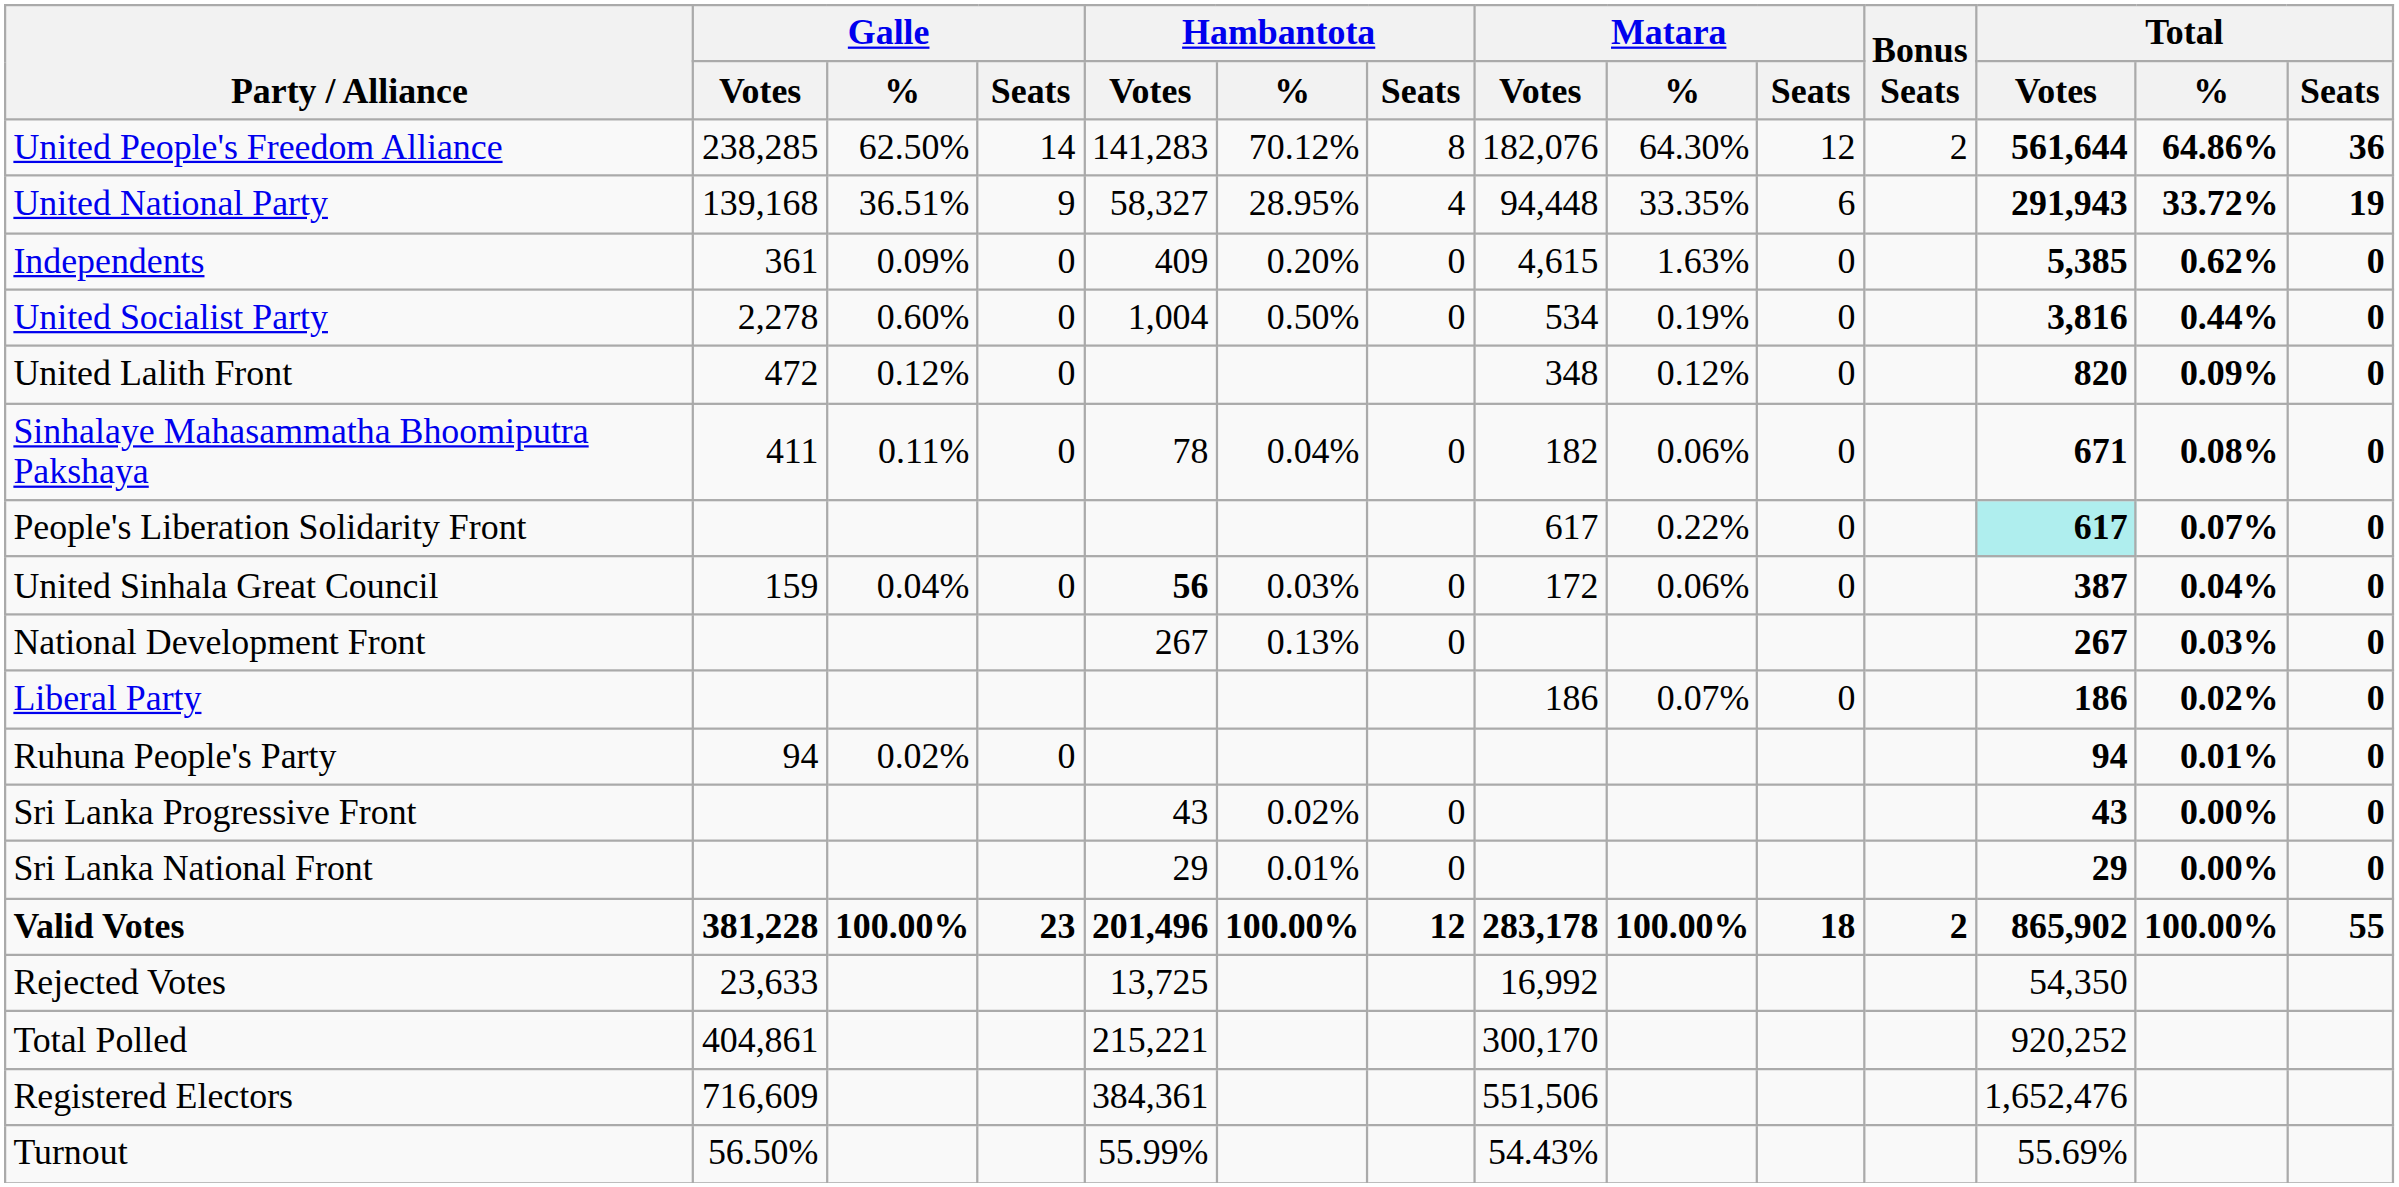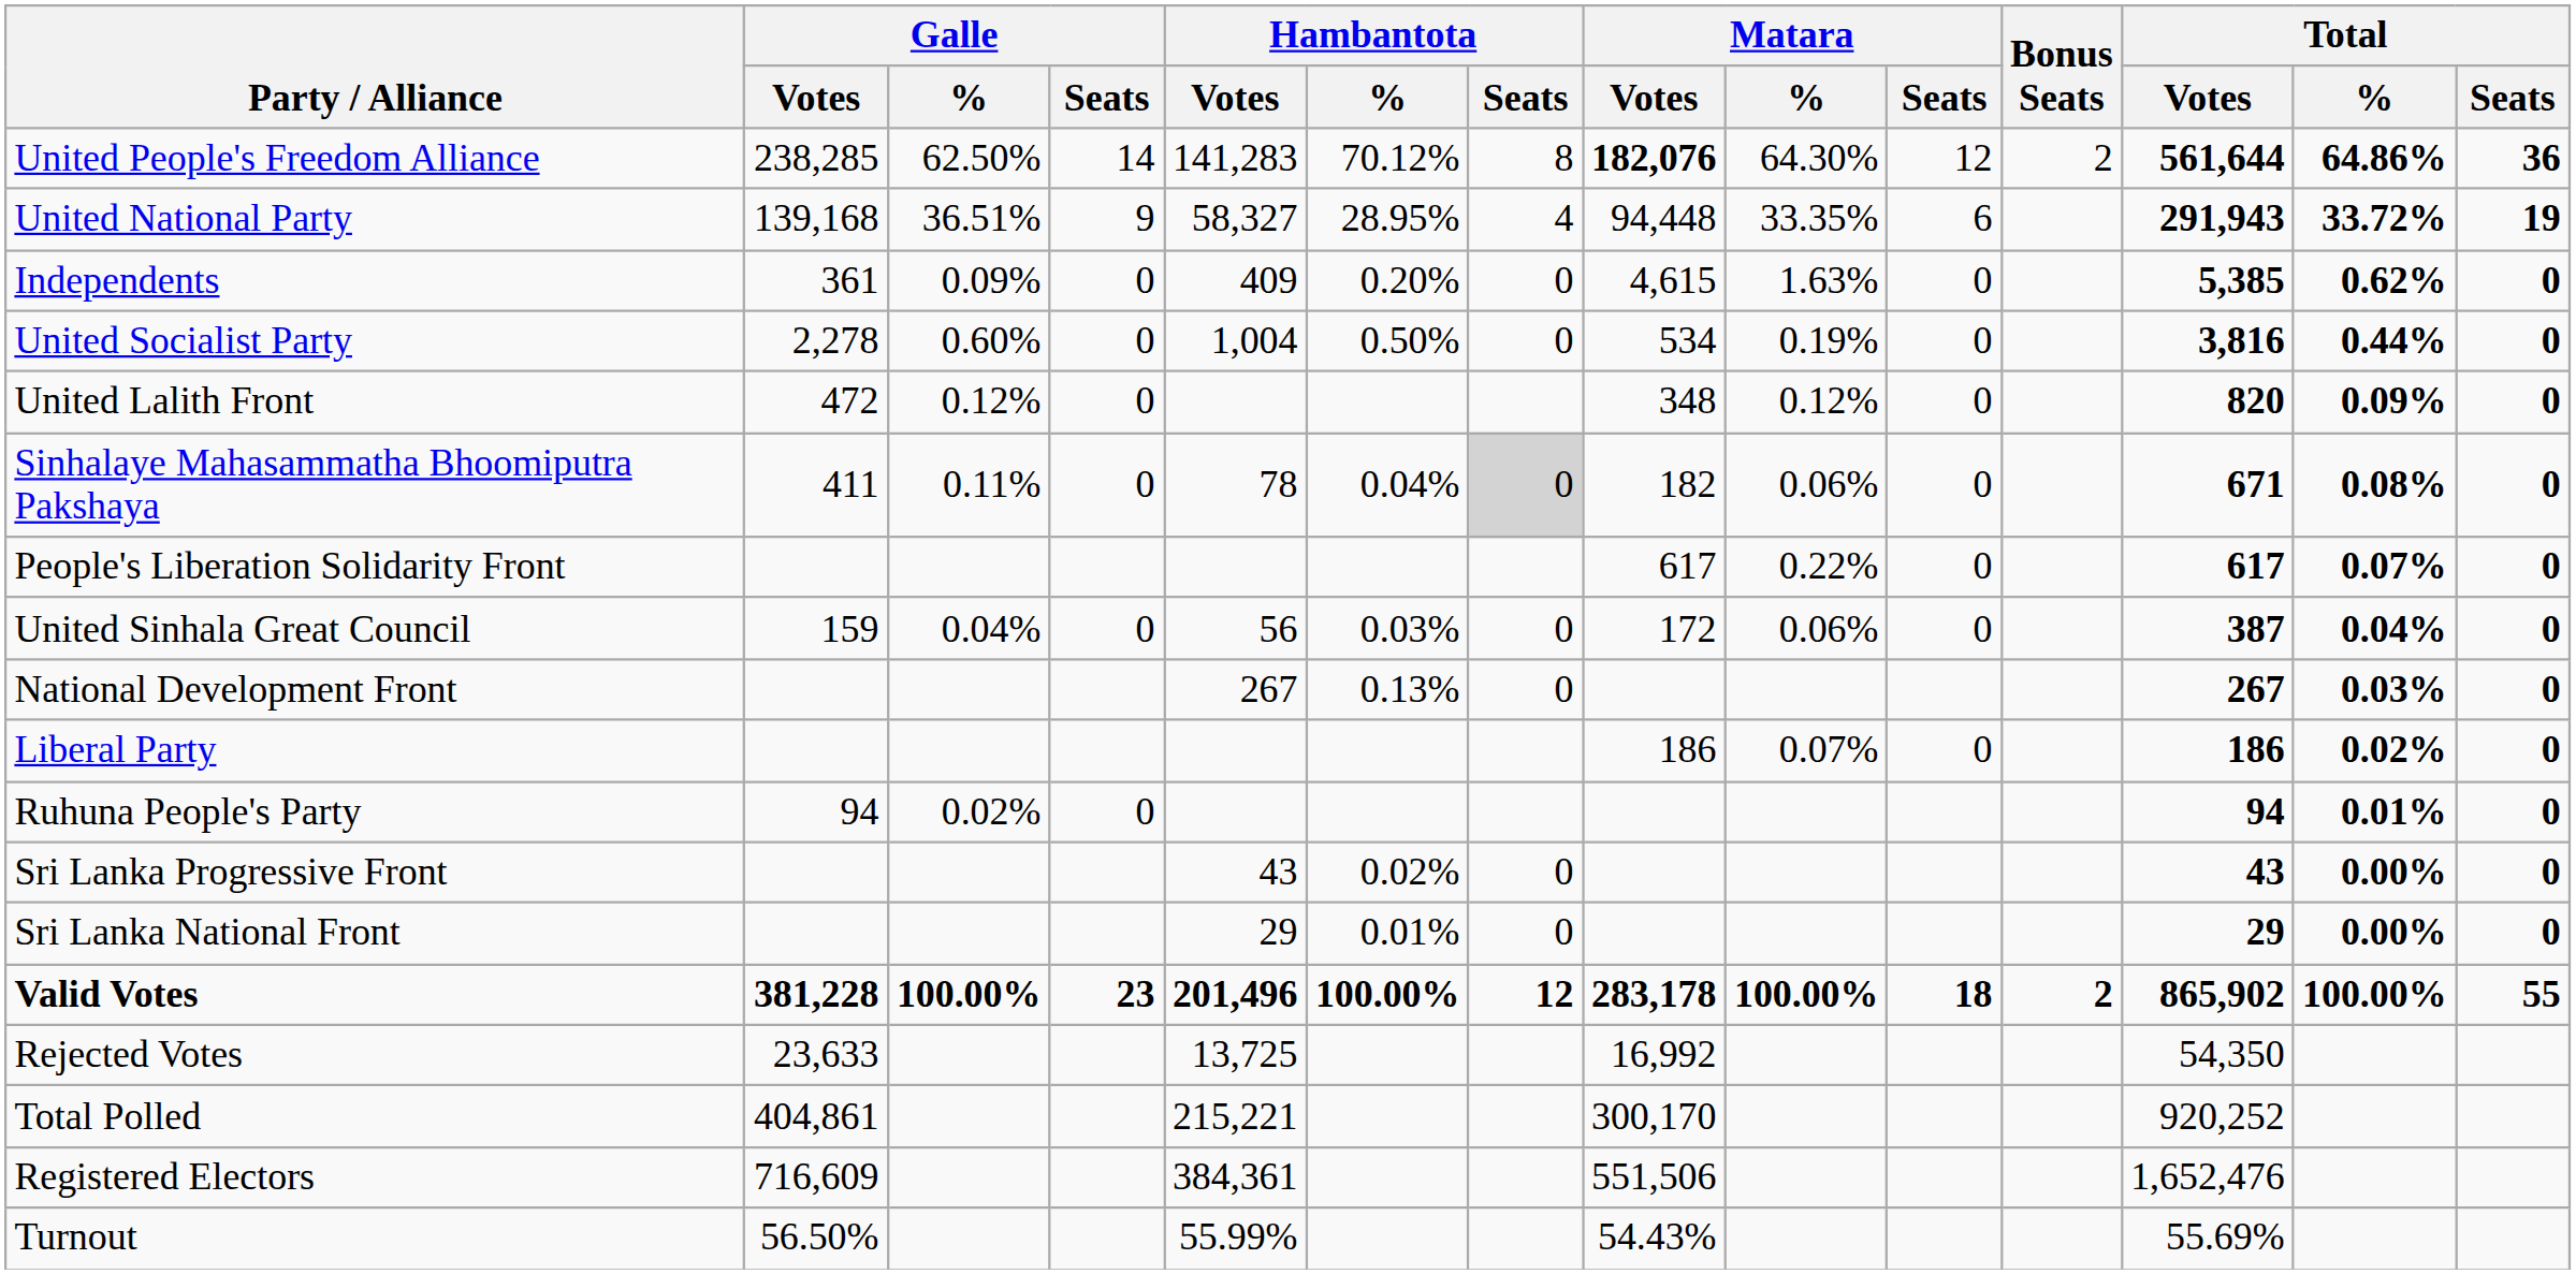 <table class="wikitable" border="1" style="text-align:right;">
 <tr>
 <th valign=bottom rowspan=2 width="300">Party / Alliance</th>
 <th colspan=3><a href='#'>Galle</a></th>
 <th colspan=3><a href='#'>Hambantota</a></th>
 <th colspan=3><a href='#'>Matara</a></th>
 <th valign=bottom rowspan=2 width="40">Bonus<br>Seats</th>
 <th colspan=3>Total</th>
 </tr>
 <tr>
 <th align=center valign=bottom width="50">Votes</th>
 <th align=center valign=bottom width="50">%</th>
 <th align=center valign=bottom width="40">Seats</th>
 <th align=center valign=bottom width="50">Votes</th>
 <th align=center valign=bottom width="50">%</th>
 <th align=center valign=bottom width="40">Seats</th>
 <th align=center valign=bottom width="50">Votes</th>
 <th align=center valign=bottom width="50">%</th>
 <th align=center valign=bottom width="40">Seats</th>
 <th align=center valign=bottom width="50">Votes</th>
 <th align=center valign=bottom width="50">%</th>
 <th align=center valign=bottom width="40">Seats</th>
 </tr>
 <tr>
 <td align=left><a href='#'>United People's Freedom Alliance</a></td>
 <td>238,285</td>
 <td>62.50%</td>
 <td>14</td>
 <td>141,283</td>
 <td>70.12%</td>
 <td>8</td>
-<td>182,076</td>
+<td><strong>182,076</strong></td>
 <td>64.30%</td>
 <td>12</td>
 <td>2</td>
 <td><strong>561,644</strong></td>
 <td><strong>64.86%</strong></td>
 <td><strong>36</strong></td>
 </tr>
 <tr>
 <td align=left><a href='#'>United National Party</a></td>
 <td>139,168</td>
 <td>36.51%</td>
 <td>9</td>
 <td>58,327</td>
 <td>28.95%</td>
 <td>4</td>
 <td>94,448</td>
 <td>33.35%</td>
 <td>6</td>
 <td></td>
 <td><strong>291,943</strong></td>
 <td><strong>33.72%</strong></td>
 <td><strong>19</strong></td>
 </tr>
 <tr>
 <td align=left><a href='#'>Independents</a></td>
 <td>361</td>
 <td>0.09%</td>
 <td>0</td>
 <td>409</td>
 <td>0.20%</td>
 <td>0</td>
 <td>4,615</td>
 <td>1.63%</td>
 <td>0</td>
 <td></td>
 <td><strong>5,385</strong></td>
 <td><strong>0.62%</strong></td>
 <td><strong>0</strong></td>
 </tr>
 <tr>
 <td align=left><a href='#'>United Socialist Party</a></td>
 <td>2,278</td>
 <td>0.60%</td>
 <td>0</td>
 <td>1,004</td>
 <td>0.50%</td>
 <td>0</td>
 <td>534</td>
 <td>0.19%</td>
 <td>0</td>
 <td></td>
 <td><strong>3,816</strong></td>
 <td><strong>0.44%</strong></td>
 <td><strong>0</strong></td>
 </tr>
 <tr>
 <td align=left>United Lalith Front</td>
 <td>472</td>
 <td>0.12%</td>
 <td>0</td>
 <td></td>
 <td></td>
 <td></td>
 <td>348</td>
 <td>0.12%</td>
 <td>0</td>
 <td></td>
 <td><strong>820</strong></td>
 <td><strong>0.09%</strong></td>
 <td><strong>0</strong></td>
 </tr>
 <tr>
 <td align=left><a href='#'>Sinhalaye Mahasammatha Bhoomiputra Pakshaya</a></td>
 <td>411</td>
 <td>0.11%</td>
 <td>0</td>
 <td>78</td>
 <td>0.04%</td>
-<td>0</td>
+<td style="background: lightgrey;">0</td>
 <td>182</td>
 <td>0.06%</td>
 <td>0</td>
 <td></td>
 <td><strong>671</strong></td>
 <td><strong>0.08%</strong></td>
 <td><strong>0</strong></td>
 </tr>
 <tr>
 <td align=left>People's Liberation Solidarity Front</td>
 <td></td>
 <td></td>
 <td></td>
 <td></td>
 <td></td>
 <td></td>
 <td>617</td>
 <td>0.22%</td>
 <td>0</td>
 <td></td>
-<td style="background: paleturquoise;"><strong>617</strong></td>
+<td><strong>617</strong></td>
 <td><strong>0.07%</strong></td>
 <td><strong>0</strong></td>
 </tr>
 <tr>
 <td align=left>United Sinhala Great Council</td>
 <td>159</td>
 <td>0.04%</td>
 <td>0</td>
-<td><strong>56</strong></td>
+<td>56</td>
 <td>0.03%</td>
 <td>0</td>
 <td>172</td>
 <td>0.06%</td>
 <td>0</td>
 <td></td>
 <td><strong>387</strong></td>
 <td><strong>0.04%</strong></td>
 <td><strong>0</strong></td>
 </tr>
 <tr>
 <td align=left>National Development Front</td>
 <td></td>
 <td></td>
 <td></td>
 <td>267</td>
 <td>0.13%</td>
 <td>0</td>
 <td></td>
 <td></td>
 <td></td>
 <td></td>
 <td><strong>267</strong></td>
 <td><strong>0.03%</strong></td>
 <td><strong>0</strong></td>
 </tr>
 <tr>
 <td align=left><a href='#'>Liberal Party</a></td>
 <td></td>
 <td></td>
 <td></td>
 <td></td>
 <td></td>
 <td></td>
 <td>186</td>
 <td>0.07%</td>
 <td>0</td>
 <td></td>
 <td><strong>186</strong></td>
 <td><strong>0.02%</strong></td>
 <td><strong>0</strong></td>
 </tr>
 <tr>
 <td align=left>Ruhuna People's Party</td>
 <td>94</td>
 <td>0.02%</td>
 <td>0</td>
 <td></td>
 <td></td>
 <td></td>
 <td></td>
 <td></td>
 <td></td>
 <td></td>
 <td><strong>94</strong></td>
 <td><strong>0.01%</strong></td>
 <td><strong>0</strong></td>
 </tr>
 <tr>
 <td align=left>Sri Lanka Progressive Front</td>
 <td></td>
 <td></td>
 <td></td>
 <td>43</td>
 <td>0.02%</td>
 <td>0</td>
 <td></td>
 <td></td>
 <td></td>
 <td></td>
 <td><strong>43</strong></td>
 <td><strong>0.00%</strong></td>
 <td><strong>0</strong></td>
 </tr>
 <tr>
 <td align=left>Sri Lanka National Front</td>
 <td></td>
 <td></td>
 <td></td>
 <td>29</td>
 <td>0.01%</td>
 <td>0</td>
 <td></td>
 <td></td>
 <td></td>
 <td></td>
 <td><strong>29</strong></td>
 <td><strong>0.00%</strong></td>
 <td><strong>0</strong></td>
 </tr>
 <tr>
 <td align=left><strong>Valid Votes</strong></td>
 <td><strong>381,228</strong></td>
 <td><strong>100.00%</strong></td>
 <td><strong>23</strong></td>
 <td><strong>201,496</strong></td>
 <td><strong>100.00%</strong></td>
 <td><strong>12</strong></td>
 <td><strong>283,178</strong></td>
 <td><strong>100.00%</strong></td>
 <td><strong>18</strong></td>
 <td><strong>2</strong></td>
 <td><strong>865,902</strong></td>
 <td><strong>100.00%</strong></td>
 <td><strong>55</strong></td>
 </tr>
 <tr>
 <td align=left>Rejected Votes</td>
 <td>23,633</td>
 <td></td>
 <td></td>
 <td>13,725</td>
 <td></td>
 <td></td>
 <td>16,992</td>
 <td></td>
 <td></td>
 <td></td>
 <td>54,350</td>
 <td></td>
 <td></td>
 </tr>
 <tr>
 <td align=left>Total Polled</td>
 <td>404,861</td>
 <td></td>
 <td></td>
 <td>215,221</td>
 <td></td>
 <td></td>
 <td>300,170</td>
 <td></td>
 <td></td>
 <td></td>
 <td>920,252</td>
 <td></td>
 <td></td>
 </tr>
 <tr>
 <td align=left>Registered Electors</td>
 <td>716,609</td>
 <td></td>
 <td></td>
 <td>384,361</td>
 <td></td>
 <td></td>
 <td>551,506</td>
 <td></td>
 <td></td>
 <td></td>
 <td>1,652,476</td>
 <td></td>
 <td></td>
 </tr>
 <tr>
 <td align=left>Turnout</td>
 <td>56.50%</td>
 <td></td>
 <td></td>
 <td>55.99%</td>
 <td></td>
 <td></td>
 <td>54.43%</td>
 <td></td>
 <td></td>
 <td></td>
 <td>55.69%</td>
 <td></td>
 <td></td>
 </tr>
 </table>
